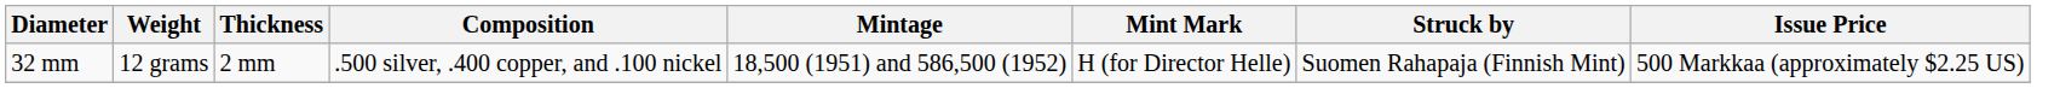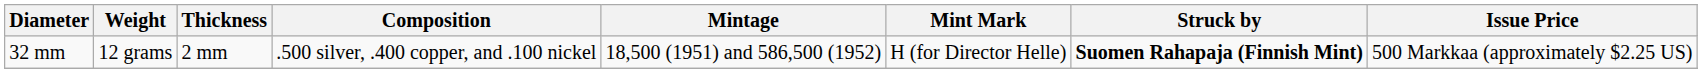 <table class="wikitable">
 <tr>
 <th>Diameter</th>
 <th>Weight</th>
 <th>Thickness</th>
 <th>Composition</th>
 <th>Mintage</th>
 <th>Mint Mark</th>
 <th>Struck by</th>
 <th>Issue Price</th>
 </tr>
 <tr>
 <td>32 mm</td>
 <td>12 grams</td>
 <td>2 mm</td>
 <td>.500 silver, .400 copper, and .100 nickel</td>
 <td>18,500 (1951) and 586,500 (1952)</td>
 <td>H (for Director Helle)</td>
-<td>Suomen Rahapaja (Finnish Mint)</td>
+<td><strong>Suomen Rahapaja (Finnish Mint)</strong></td>
 <td>500 Markkaa (approximately $2.25 US)</td>
 </tr>
 <tr>
 </tr>
 </table>
